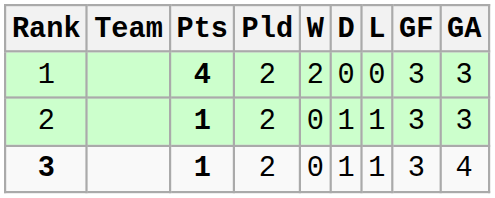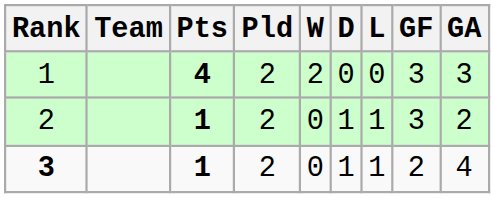 <table class=wikitable>
 <tr align=center>
 <th bgcolor=#efefef>Rank</th>
 <th bgcolor=#efefef>Team</th>
 <th bgcolor=#efefef>Pts</th>
 <th bgcolor=#efefef>Pld</th>
 <th bgcolor=#efefef>W</th>
 <th bgcolor=#efefef>D</th>
 <th bgcolor=#efefef>L</th>
 <th bgcolor=#efefef>GF</th>
 <th bgcolor=#efefef>GA</th>
 </tr>
 <tr align=center style="background:#ccffcc;">
 <td>1</td>
 <td align=left></td>
 <td><strong>4</strong></td>
 <td>2</td>
 <td>2</td>
 <td>0</td>
 <td>0</td>
 <td>3</td>
 <td>3</td>
 </tr>
 <tr align=center style="background:#ccffcc;">
 <td>2</td>
 <td align=left></td>
 <td><strong>1</strong></td>
 <td>2</td>
 <td>0</td>
 <td>1</td>
 <td>1</td>
 <td>3</td>
-<td>3</td>
+<td>2</td>
 </tr>
 <tr align=center>
 <td><strong>3</strong></td>
 <td align=left></td>
 <td><strong>1</strong></td>
 <td>2</td>
 <td>0</td>
 <td>1</td>
 <td>1</td>
-<td>3</td>
+<td>2</td>
 <td>4</td>
 </tr>
 </table>
